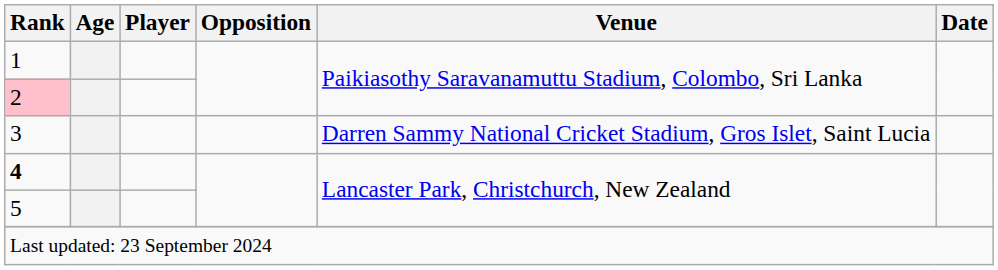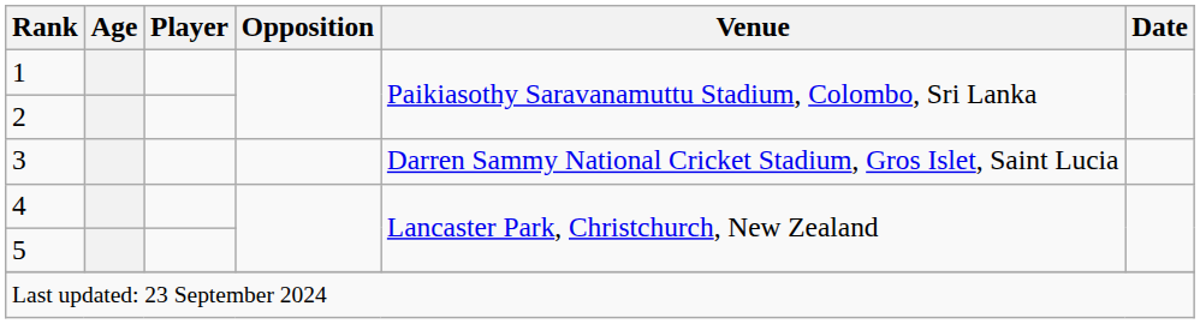 <table class="wikitable plainrowheaders sortable">
 <tr>
 <th scope=col>Rank</th>
 <th scope=col>Age</th>
 <th scope=col>Player</th>
 <th scope=col>Opposition</th>
 <th scope=col>Venue</th>
 <th scope=col>Date</th>
 </tr>
 <tr>
 <td>1</td>
 <th></th>
 <td></td>
 <td rowspan=2></td>
 <td rowspan=2><a href='#'>Paikiasothy Saravanamuttu Stadium</a>, <a href='#'>Colombo</a>, Sri Lanka</td>
 <td rowspan=2></td>
 </tr>
 <tr>
-<td style="background: pink;">2</td>
+<td>2</td>
 <th></th>
 <td></td>
 </tr>
 <tr>
 <td>3</td>
 <th></th>
 <td></td>
 <td></td>
 <td><a href='#'>Darren Sammy National Cricket Stadium</a>, <a href='#'>Gros Islet</a>, Saint Lucia</td>
 <td></td>
 </tr>
 <tr>
-<td><strong>4</strong></td>
+<td>4</td>
 <th></th>
 <td></td>
 <td rowspan=2></td>
 <td rowspan=2><a href='#'>Lancaster Park</a>, <a href='#'>Christchurch</a>, New Zealand</td>
 <td rowspan=2></td>
 </tr>
 <tr>
 <td>5</td>
 <th></th>
 <td></td>
 </tr>
 <tr>
 </tr>
 <tr class=sortbottom>
 <td colspan=7><small>Last updated: 23 September 2024</small></td>
 </tr>
 </table>
